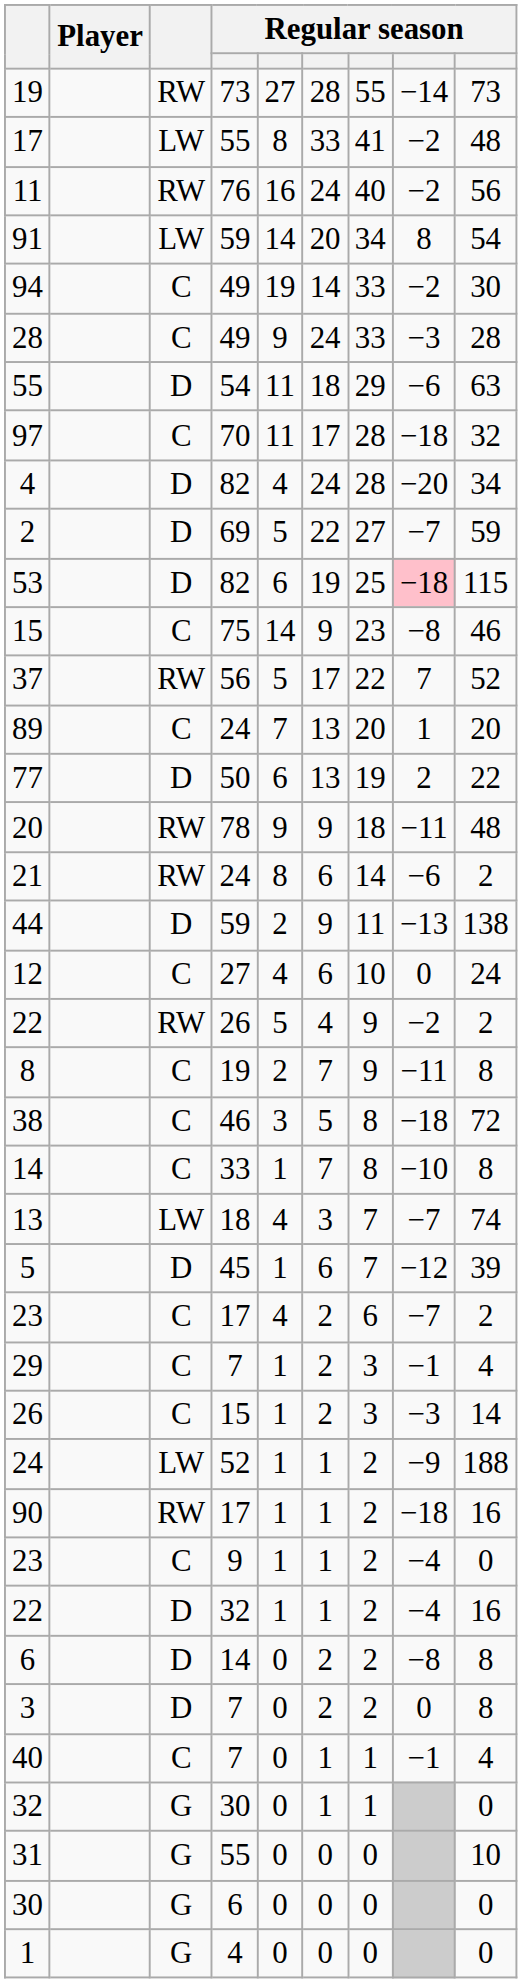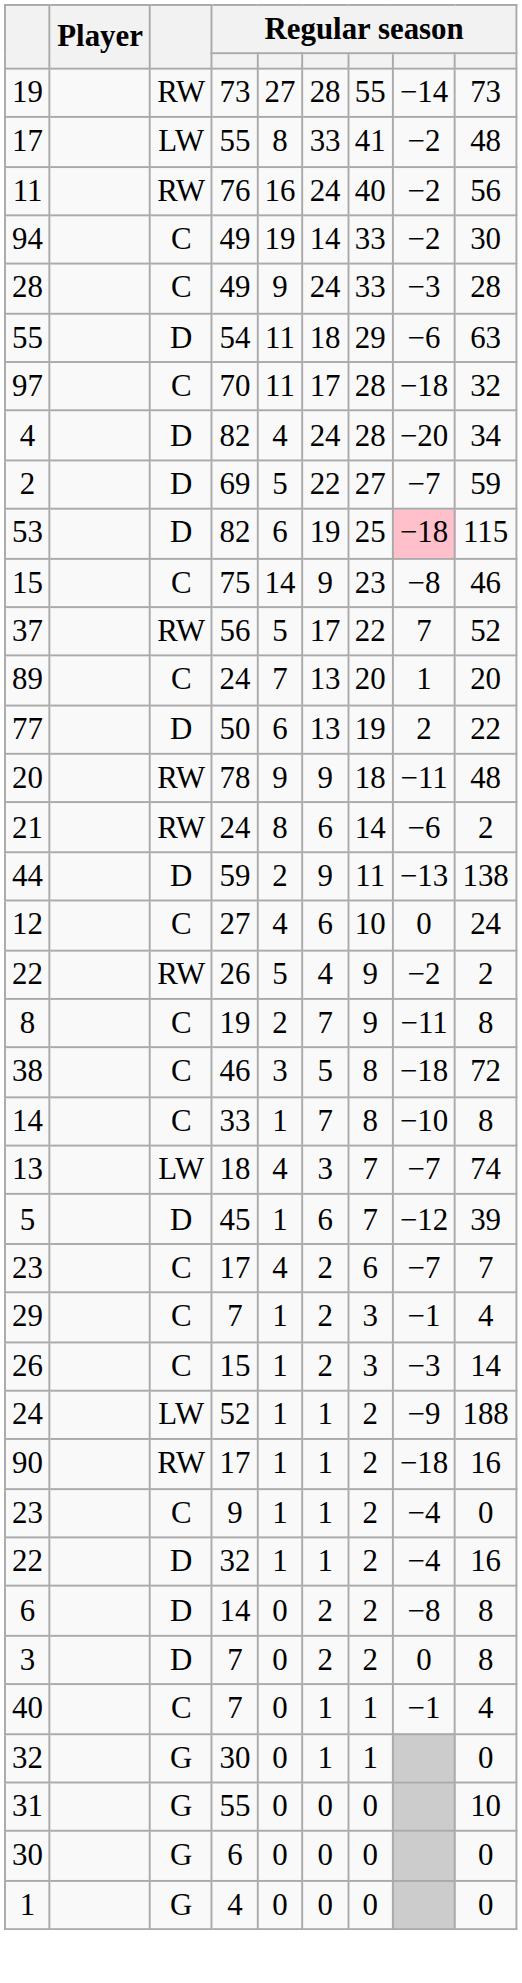 <table class="wikitable sortable plainrowheaders" style="text-align:center;">
 <tr>
 <th scope="col" data-sort-type="number" rowspan="2"></th>
 <th scope="col" rowspan="2">Player</th>
 <th scope="col" rowspan="2"></th>
 <th scope=colgroup colspan=6>Regular season</th>
 </tr>
 <tr>
 <th scope="col" data-sort-type="number"></th>
 <th scope="col" data-sort-type="number"></th>
 <th scope="col" data-sort-type="number"></th>
 <th scope="col" data-sort-type="number"></th>
 <th scope="col" data-sort-type="number"></th>
 <th scope="col" data-sort-type="number"></th>
 </tr>
 <tr>
 <td scope="row">19</td>
 <td align="left"></td>
 <td>RW</td>
 <td>73</td>
 <td>27</td>
 <td>28</td>
 <td>55</td>
 <td>−14</td>
 <td>73</td>
 </tr>
 <tr>
 <td scope="row">17</td>
 <td align="left"></td>
 <td>LW</td>
 <td>55</td>
 <td>8</td>
 <td>33</td>
 <td>41</td>
 <td>−2</td>
 <td>48</td>
 </tr>
 <tr>
 <td scope="row">11</td>
 <td align="left"></td>
 <td>RW</td>
 <td>76</td>
 <td>16</td>
 <td>24</td>
 <td>40</td>
 <td>−2</td>
 <td>56</td>
-</tr>
-<tr>
-<td scope="row">91</td>
-<td align="left"></td>
-<td>LW</td>
-<td>59</td>
-<td>14</td>
-<td>20</td>
-<td>34</td>
-<td>8</td>
-<td>54</td>
 </tr>
 <tr>
 <td scope="row">94</td>
 <td align="left"></td>
 <td>C</td>
 <td>49</td>
 <td>19</td>
 <td>14</td>
 <td>33</td>
 <td>−2</td>
 <td>30</td>
 </tr>
 <tr>
 <td scope="row">28</td>
 <td align="left"></td>
 <td>C</td>
 <td>49</td>
 <td>9</td>
 <td>24</td>
 <td>33</td>
 <td>−3</td>
 <td>28</td>
 </tr>
 <tr>
 <td scope="row">55</td>
 <td align="left"></td>
 <td>D</td>
 <td>54</td>
 <td>11</td>
 <td>18</td>
 <td>29</td>
 <td>−6</td>
 <td>63</td>
 </tr>
 <tr>
 <td scope="row">97</td>
 <td align="left"></td>
 <td>C</td>
 <td>70</td>
 <td>11</td>
 <td>17</td>
 <td>28</td>
 <td>−18</td>
 <td>32</td>
 </tr>
 <tr>
 <td scope="row">4</td>
 <td align="left"></td>
 <td>D</td>
 <td>82</td>
 <td>4</td>
 <td>24</td>
 <td>28</td>
 <td>−20</td>
 <td>34</td>
 </tr>
 <tr>
 <td scope="row">2</td>
 <td align="left"></td>
 <td>D</td>
 <td>69</td>
 <td>5</td>
 <td>22</td>
 <td>27</td>
 <td>−7</td>
 <td>59</td>
 </tr>
 <tr>
 <td scope="row">53</td>
 <td align="left"></td>
 <td>D</td>
 <td>82</td>
 <td>6</td>
 <td>19</td>
 <td>25</td>
 <td style="background: pink;">−18</td>
 <td>115</td>
 </tr>
 <tr>
 <td scope="row">15</td>
 <td align="left"></td>
 <td>C</td>
 <td>75</td>
 <td>14</td>
 <td>9</td>
 <td>23</td>
 <td>−8</td>
 <td>46</td>
 </tr>
 <tr>
 <td scope="row">37</td>
 <td align="left"></td>
 <td>RW</td>
 <td>56</td>
 <td>5</td>
 <td>17</td>
 <td>22</td>
 <td>7</td>
 <td>52</td>
 </tr>
 <tr>
 <td scope="row">89</td>
 <td align="left"></td>
 <td>C</td>
 <td>24</td>
 <td>7</td>
 <td>13</td>
 <td>20</td>
 <td>1</td>
 <td>20</td>
 </tr>
 <tr>
 <td scope="row">77</td>
 <td align="left"></td>
 <td>D</td>
 <td>50</td>
 <td>6</td>
 <td>13</td>
 <td>19</td>
 <td>2</td>
 <td>22</td>
 </tr>
 <tr>
 <td scope="row">20</td>
 <td align="left"></td>
 <td>RW</td>
 <td>78</td>
 <td>9</td>
 <td>9</td>
 <td>18</td>
 <td>−11</td>
 <td>48</td>
 </tr>
 <tr>
 <td scope="row">21</td>
 <td align="left"></td>
 <td>RW</td>
 <td>24</td>
 <td>8</td>
 <td>6</td>
 <td>14</td>
 <td>−6</td>
 <td>2</td>
 </tr>
 <tr>
 <td scope="row">44</td>
 <td align="left"></td>
 <td>D</td>
 <td>59</td>
 <td>2</td>
 <td>9</td>
 <td>11</td>
 <td>−13</td>
 <td>138</td>
 </tr>
 <tr>
 <td scope="row">12</td>
 <td align="left"></td>
 <td>C</td>
 <td>27</td>
 <td>4</td>
 <td>6</td>
 <td>10</td>
 <td>0</td>
 <td>24</td>
 </tr>
 <tr>
 <td scope="row">22</td>
 <td align="left"></td>
 <td>RW</td>
 <td>26</td>
 <td>5</td>
 <td>4</td>
 <td>9</td>
 <td>−2</td>
 <td>2</td>
 </tr>
 <tr>
 <td scope="row">8</td>
 <td align="left"></td>
 <td>C</td>
 <td>19</td>
 <td>2</td>
 <td>7</td>
 <td>9</td>
 <td>−11</td>
 <td>8</td>
 </tr>
 <tr>
 <td scope="row">38</td>
 <td align="left"></td>
 <td>C</td>
 <td>46</td>
 <td>3</td>
 <td>5</td>
 <td>8</td>
 <td>−18</td>
 <td>72</td>
 </tr>
 <tr>
 <td scope="row">14</td>
 <td align="left"></td>
 <td>C</td>
 <td>33</td>
 <td>1</td>
 <td>7</td>
 <td>8</td>
 <td>−10</td>
 <td>8</td>
 </tr>
 <tr>
 <td scope="row">13</td>
 <td align="left"></td>
 <td>LW</td>
 <td>18</td>
 <td>4</td>
 <td>3</td>
 <td>7</td>
 <td>−7</td>
 <td>74</td>
 </tr>
 <tr>
 <td scope="row">5</td>
 <td align="left"></td>
 <td>D</td>
 <td>45</td>
 <td>1</td>
 <td>6</td>
 <td>7</td>
 <td>−12</td>
 <td>39</td>
 </tr>
 <tr>
 <td scope="row">23</td>
 <td align="left"></td>
 <td>C</td>
 <td>17</td>
 <td>4</td>
 <td>2</td>
 <td>6</td>
 <td>−7</td>
-<td>2</td>
+<td>7</td>
 </tr>
 <tr>
 <td scope="row">29</td>
 <td align="left"></td>
 <td>C</td>
 <td>7</td>
 <td>1</td>
 <td>2</td>
 <td>3</td>
 <td>−1</td>
 <td>4</td>
 </tr>
 <tr>
 <td scope="row">26</td>
 <td align="left"></td>
 <td>C</td>
 <td>15</td>
 <td>1</td>
 <td>2</td>
 <td>3</td>
 <td>−3</td>
 <td>14</td>
 </tr>
 <tr>
 <td scope="row">24</td>
 <td align="left"></td>
 <td>LW</td>
 <td>52</td>
 <td>1</td>
 <td>1</td>
 <td>2</td>
 <td>−9</td>
 <td>188</td>
 </tr>
 <tr>
 <td scope="row">90</td>
 <td align="left"></td>
 <td>RW</td>
 <td>17</td>
 <td>1</td>
 <td>1</td>
 <td>2</td>
 <td>−18</td>
 <td>16</td>
 </tr>
 <tr>
 <td scope="row">23</td>
 <td align="left"></td>
 <td>C</td>
 <td>9</td>
 <td>1</td>
 <td>1</td>
 <td>2</td>
 <td>−4</td>
 <td>0</td>
 </tr>
 <tr>
 <td scope="row">22</td>
 <td align="left"></td>
 <td>D</td>
 <td>32</td>
 <td>1</td>
 <td>1</td>
 <td>2</td>
 <td>−4</td>
 <td>16</td>
 </tr>
 <tr>
 <td scope="row">6</td>
 <td align="left"></td>
 <td>D</td>
 <td>14</td>
 <td>0</td>
 <td>2</td>
 <td>2</td>
 <td>−8</td>
 <td>8</td>
 </tr>
 <tr>
 <td scope="row">3</td>
 <td align="left"></td>
 <td>D</td>
 <td>7</td>
 <td>0</td>
 <td>2</td>
 <td>2</td>
 <td>0</td>
 <td>8</td>
 </tr>
 <tr>
 <td scope="row">40</td>
 <td align="left"></td>
 <td>C</td>
 <td>7</td>
 <td>0</td>
 <td>1</td>
 <td>1</td>
 <td>−1</td>
 <td>4</td>
 </tr>
 <tr>
 <td scope="row">32</td>
 <td align="left"></td>
 <td>G</td>
 <td>30</td>
 <td>0</td>
 <td>1</td>
 <td>1</td>
 <td style="background:#ccc"></td>
 <td>0</td>
 </tr>
 <tr>
 <td scope="row">31</td>
 <td align="left"></td>
 <td>G</td>
 <td>55</td>
 <td>0</td>
 <td>0</td>
 <td>0</td>
 <td style="background:#ccc"></td>
 <td>10</td>
 </tr>
 <tr>
 <td scope="row">30</td>
 <td align="left"></td>
 <td>G</td>
 <td>6</td>
 <td>0</td>
 <td>0</td>
 <td>0</td>
 <td style="background:#ccc"></td>
 <td>0</td>
 </tr>
 <tr>
 <td scope="row">1</td>
 <td align="left"></td>
 <td>G</td>
 <td>4</td>
 <td>0</td>
 <td>0</td>
 <td>0</td>
 <td style="background:#ccc"></td>
 <td>0</td>
 </tr>
 </table>
